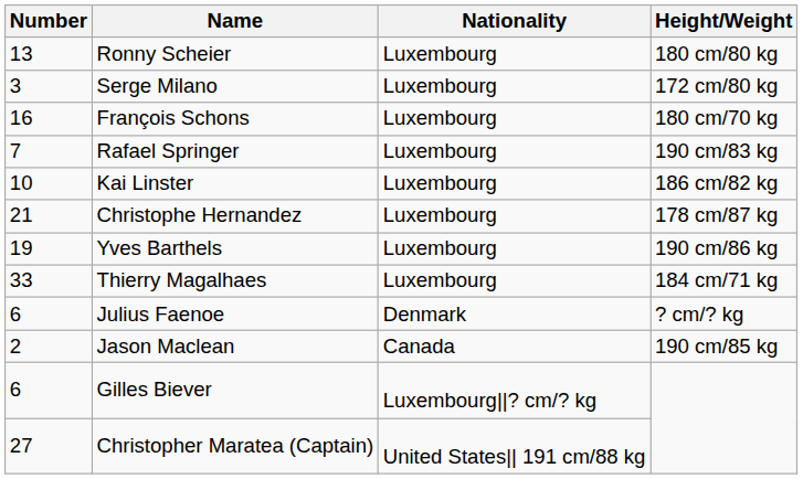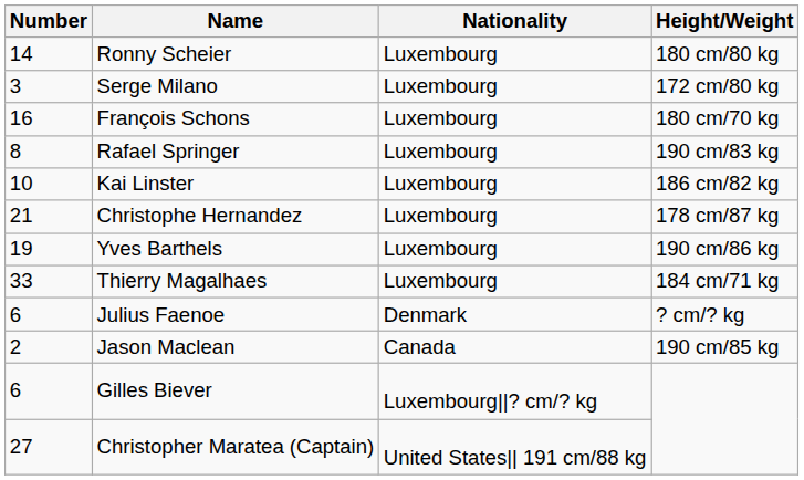 <table class="wikitable">
 <tr>
 <th>Number</th>
 <th>Name</th>
 <th>Nationality</th>
 <th>Height/Weight</th>
 </tr>
 <tr>
-<td>13</td>
+<td>14</td>
 <td>Ronny Scheier</td>
 <td> Luxembourg</td>
 <td>180 cm/80 kg</td>
 </tr>
 <tr>
 <td>3</td>
 <td>Serge Milano</td>
 <td> Luxembourg</td>
 <td>172 cm/80 kg</td>
 </tr>
 <tr>
 <td>16</td>
 <td>François Schons</td>
 <td> Luxembourg</td>
 <td>180 cm/70 kg</td>
 </tr>
 <tr>
-<td>7</td>
+<td>8</td>
 <td>Rafael Springer</td>
 <td> Luxembourg</td>
 <td>190 cm/83 kg</td>
 </tr>
 <tr>
 <td>10</td>
 <td>Kai Linster</td>
 <td> Luxembourg</td>
 <td>186 cm/82 kg</td>
 </tr>
 <tr>
 <td>21</td>
 <td>Christophe Hernandez</td>
 <td> Luxembourg</td>
 <td>178 cm/87 kg</td>
 </tr>
 <tr>
 <td>19</td>
 <td>Yves Barthels</td>
 <td> Luxembourg</td>
 <td>190 cm/86 kg</td>
 </tr>
 <tr>
 <td>33</td>
 <td>Thierry Magalhaes</td>
 <td> Luxembourg</td>
 <td>184 cm/71 kg</td>
 </tr>
 <tr>
 <td>6</td>
 <td>Julius Faenoe</td>
 <td> Denmark</td>
 <td>? cm/? kg</td>
 </tr>
 <tr>
 <td>2</td>
 <td>Jason Maclean</td>
 <td> Canada</td>
 <td>190 cm/85 kg</td>
 </tr>
 <tr>
 <td>6</td>
 <td>Gilles Biever</td>
 <td><br>Luxembourg||? cm/? kg</td>
 </tr>
 <tr>
 <td>27</td>
 <td>Christopher Maratea (Captain)</td>
 <td><br> United States||  191 cm/88 kg</td>
 </tr>
 </table>
